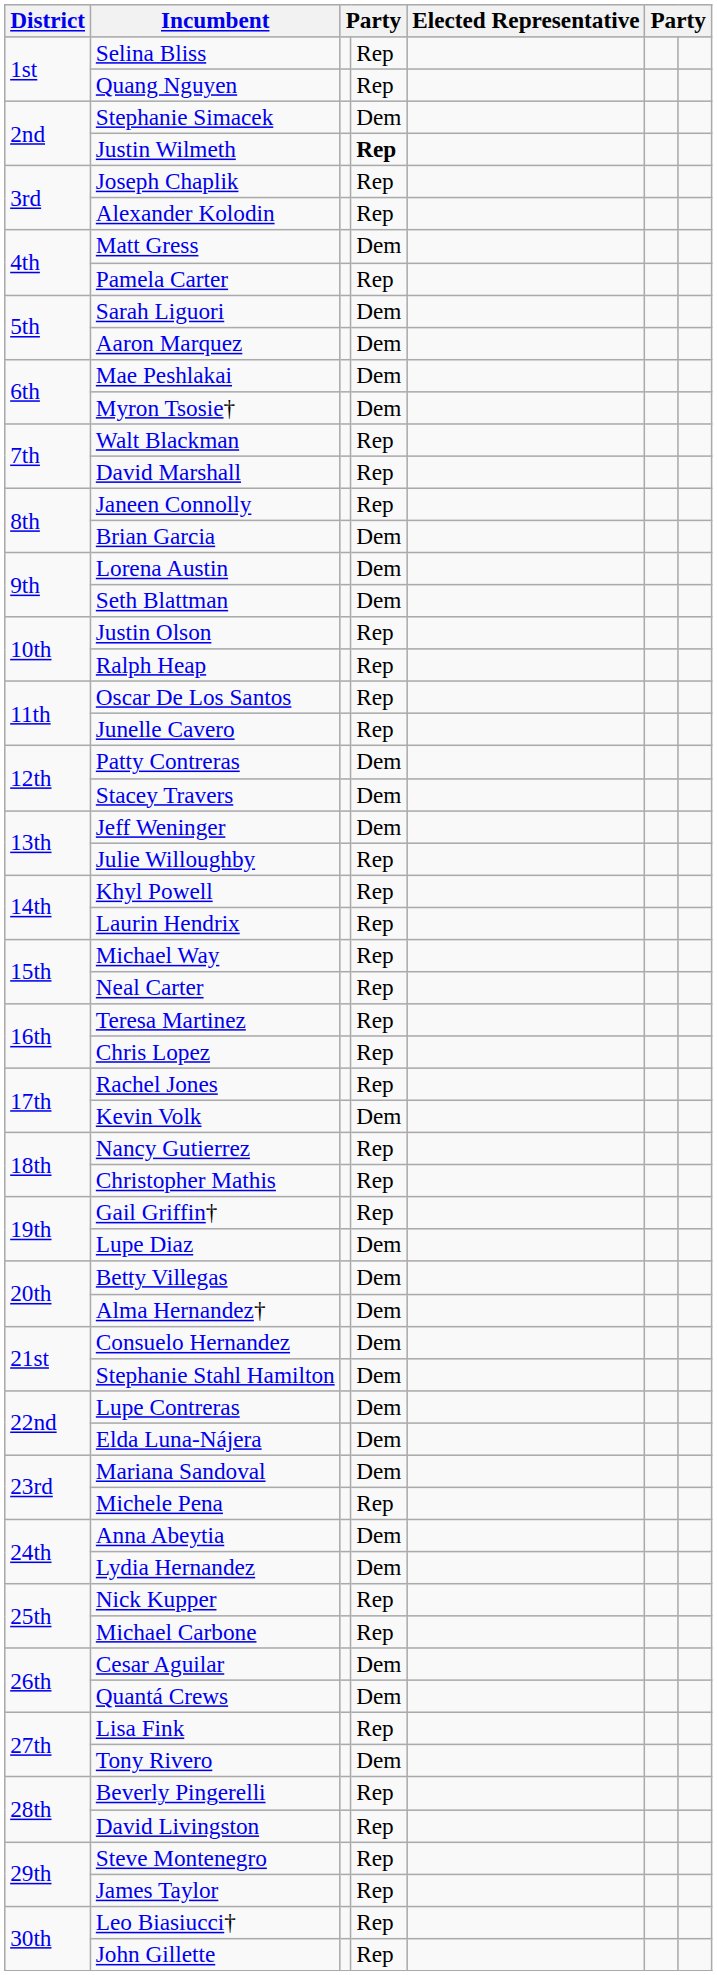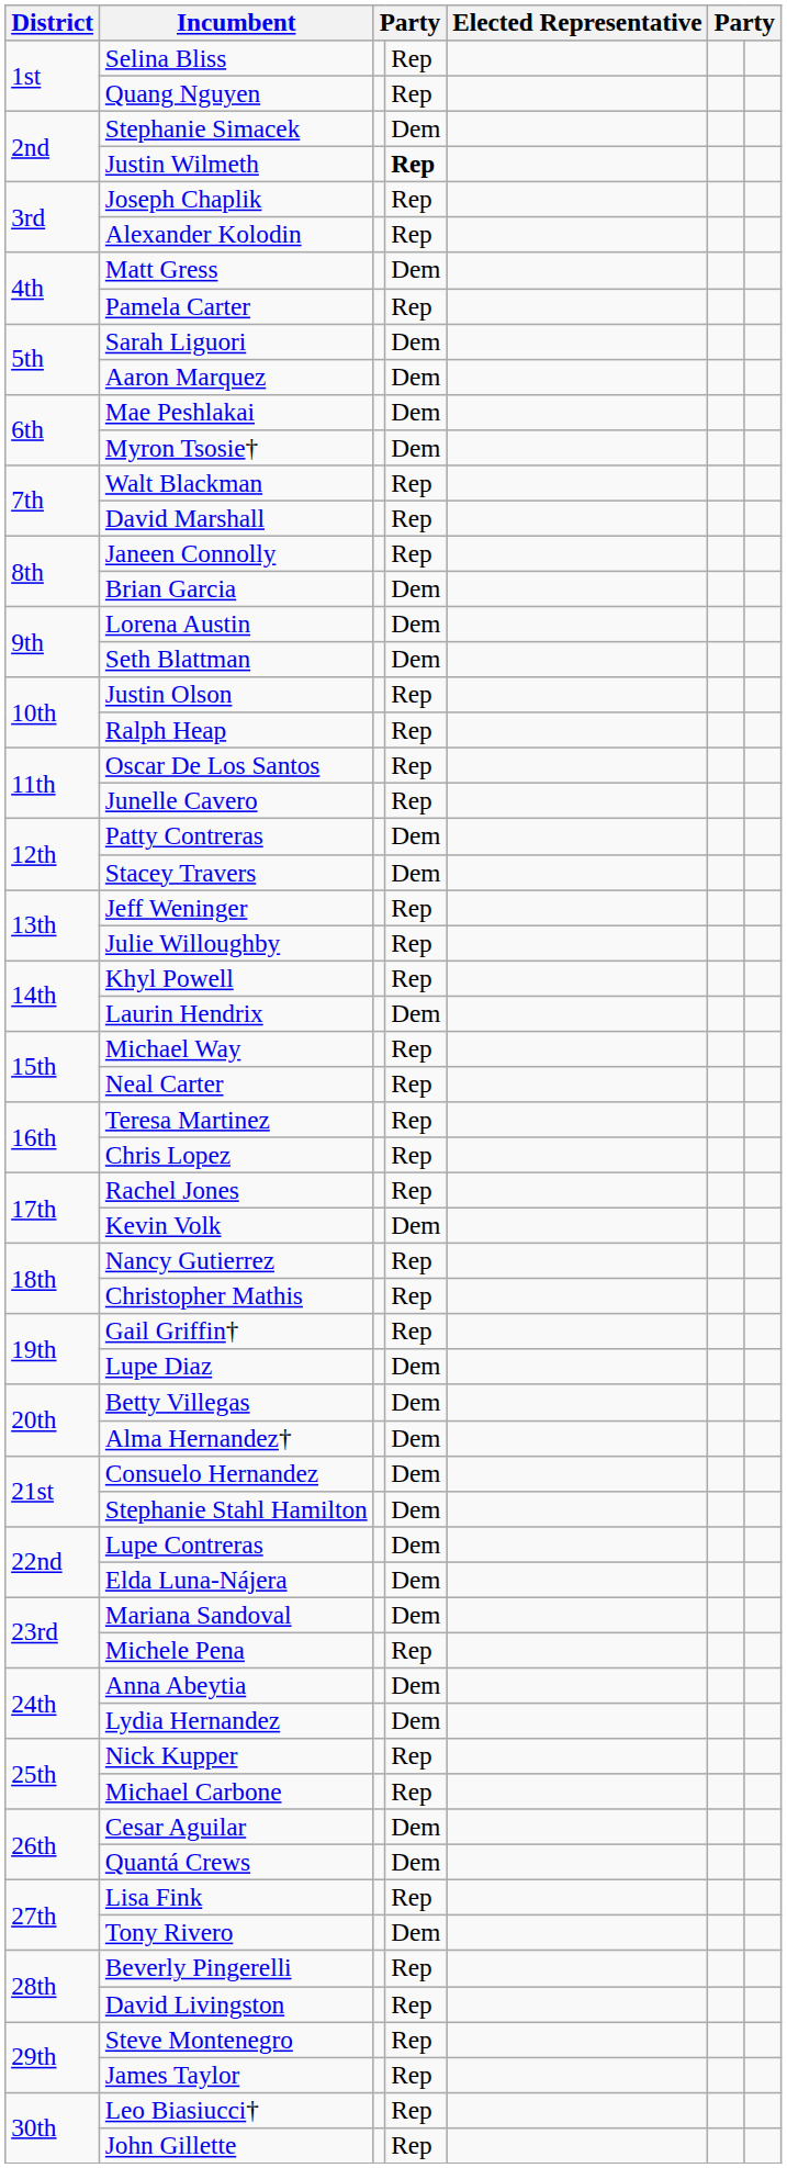 <table class="sortable wikitable" style="font-size:95%;line-height:14px;">
 <tr>
 <th><a href='#'>District</a></th>
 <th class="unsortable"><a href='#'>Incumbent</a></th>
 <th colspan="2">Party</th>
 <th class="unsortable">Elected Representative</th>
 <th colspan="2">Party</th>
 </tr>
 <tr>
 <td rowspan="2"><a href='#'>1st</a></td>
 <td><a href='#'>Selina Bliss</a></td>
 <td style="background:"></td>
 <td>Rep</td>
 <td></td>
 <td></td>
 <td></td>
 </tr>
 <tr>
 <td><a href='#'>Quang Nguyen</a></td>
 <td style="background:"></td>
 <td>Rep</td>
 <td></td>
 <td></td>
 <td></td>
 </tr>
 <tr>
 <td rowspan="2"><a href='#'>2nd</a></td>
 <td><a href='#'>Stephanie Simacek</a></td>
 <td style="background:"></td>
 <td>Dem</td>
 <td></td>
 <td></td>
 <td></td>
 </tr>
 <tr>
 <td><a href='#'>Justin Wilmeth</a></td>
 <td style="background:"></td>
 <td><strong>Rep</strong></td>
 <td></td>
 <td></td>
 <td></td>
 </tr>
 <tr>
 <td rowspan="2"><a href='#'>3rd</a></td>
 <td><a href='#'>Joseph Chaplik</a></td>
 <td style="background:"></td>
 <td>Rep</td>
 <td></td>
 <td></td>
 <td></td>
 </tr>
 <tr>
 <td><a href='#'>Alexander Kolodin</a></td>
 <td style="background:"></td>
 <td>Rep</td>
 <td></td>
 <td></td>
 <td></td>
 </tr>
 <tr>
 <td rowspan="2"><a href='#'>4th</a></td>
 <td><a href='#'>Matt Gress</a></td>
 <td style="background:"></td>
 <td>Dem</td>
 <td></td>
 <td></td>
 <td></td>
 </tr>
 <tr>
 <td><a href='#'>Pamela Carter</a></td>
 <td style="background:"></td>
 <td>Rep</td>
 <td></td>
 <td></td>
 <td></td>
 </tr>
 <tr>
 <td rowspan="2"><a href='#'>5th</a></td>
 <td><a href='#'>Sarah Liguori</a></td>
 <td style="background:"></td>
 <td>Dem</td>
 <td></td>
 <td></td>
 <td></td>
 </tr>
 <tr>
 <td><a href='#'>Aaron Marquez</a></td>
 <td style="background:"></td>
 <td>Dem</td>
 <td></td>
 <td></td>
 <td></td>
 </tr>
 <tr>
 <td rowspan="2"><a href='#'>6th</a></td>
 <td><a href='#'>Mae Peshlakai</a></td>
 <td style="background:"></td>
 <td>Dem</td>
 <td></td>
 <td></td>
 <td></td>
 </tr>
 <tr>
 <td><a href='#'>Myron Tsosie</a>†</td>
 <td style="background:"></td>
 <td>Dem</td>
 <td></td>
 <td></td>
 <td></td>
 </tr>
 <tr>
 <td rowspan="2"><a href='#'>7th</a></td>
 <td><a href='#'>Walt Blackman</a></td>
 <td style="background:"></td>
 <td>Rep</td>
 <td></td>
 <td></td>
 <td></td>
 </tr>
 <tr>
 <td><a href='#'>David Marshall</a></td>
 <td style="background:"></td>
 <td>Rep</td>
 <td></td>
 <td></td>
 <td></td>
 </tr>
 <tr>
 <td rowspan="2"><a href='#'>8th</a></td>
 <td><a href='#'>Janeen Connolly</a></td>
 <td style="background:"></td>
 <td>Rep</td>
 <td></td>
 <td></td>
 <td></td>
 </tr>
 <tr>
 <td><a href='#'>Brian Garcia</a></td>
 <td style="background:"></td>
 <td>Dem</td>
 <td></td>
 <td></td>
 <td></td>
 </tr>
 <tr>
 <td rowspan="2"><a href='#'>9th</a></td>
 <td><a href='#'>Lorena Austin</a></td>
 <td style="background:"></td>
 <td>Dem</td>
 <td></td>
 <td></td>
 <td></td>
 </tr>
 <tr>
 <td><a href='#'>Seth Blattman</a></td>
 <td style="background:"></td>
 <td>Dem</td>
 <td></td>
 <td></td>
 <td></td>
 </tr>
 <tr>
 <td rowspan="2"><a href='#'>10th</a></td>
 <td><a href='#'>Justin Olson</a></td>
 <td style="background:"></td>
 <td>Rep</td>
 <td></td>
 <td></td>
 <td></td>
 </tr>
 <tr>
 <td><a href='#'>Ralph Heap</a></td>
 <td style="background:"></td>
 <td>Rep</td>
 <td></td>
 <td></td>
 <td></td>
 </tr>
 <tr>
 <td rowspan="2"><a href='#'>11th</a></td>
 <td><a href='#'>Oscar De Los Santos</a></td>
 <td style="background:"></td>
 <td>Rep</td>
 <td></td>
 <td></td>
 <td></td>
 </tr>
 <tr>
 <td><a href='#'>Junelle Cavero</a></td>
 <td style="background:"></td>
 <td>Rep</td>
 <td></td>
 <td></td>
 <td></td>
 </tr>
 <tr>
 <td rowspan="2"><a href='#'>12th</a></td>
 <td><a href='#'>Patty Contreras</a></td>
 <td style="background:"></td>
 <td>Dem</td>
 <td></td>
 <td></td>
 <td></td>
 </tr>
 <tr>
 <td><a href='#'>Stacey Travers</a></td>
 <td style="background:"></td>
 <td>Dem</td>
 <td></td>
 <td></td>
 <td></td>
 </tr>
 <tr>
 <td rowspan="2"><a href='#'>13th</a></td>
 <td><a href='#'>Jeff Weninger</a></td>
 <td style="background:"></td>
-<td>Dem</td>
+<td>Rep</td>
 <td></td>
 <td></td>
 <td></td>
 </tr>
 <tr>
 <td><a href='#'>Julie Willoughby</a></td>
 <td style="background:"></td>
 <td>Rep</td>
 <td></td>
 <td></td>
 <td></td>
 </tr>
 <tr>
 <td rowspan="2"><a href='#'>14th</a></td>
 <td><a href='#'>Khyl Powell</a></td>
 <td style="background:"></td>
 <td>Rep</td>
 <td></td>
 <td></td>
 <td></td>
 </tr>
 <tr>
 <td><a href='#'>Laurin Hendrix</a></td>
 <td style="background:"></td>
-<td>Rep</td>
+<td>Dem</td>
 <td></td>
 <td></td>
 <td></td>
 </tr>
 <tr>
 <td rowspan="2"><a href='#'>15th</a></td>
 <td><a href='#'>Michael Way</a></td>
 <td style="background:"></td>
 <td>Rep</td>
 <td></td>
 <td></td>
 <td></td>
 </tr>
 <tr>
 <td><a href='#'>Neal Carter</a></td>
 <td style="background:"></td>
 <td>Rep</td>
 <td></td>
 <td></td>
 <td></td>
 </tr>
 <tr>
 <td rowspan="2"><a href='#'>16th</a></td>
 <td><a href='#'>Teresa Martinez</a></td>
 <td style="background:"></td>
 <td>Rep</td>
 <td></td>
 <td></td>
 <td></td>
 </tr>
 <tr>
 <td><a href='#'>Chris Lopez</a></td>
 <td style="background:"></td>
 <td>Rep</td>
 <td></td>
 <td></td>
 <td></td>
 </tr>
 <tr>
 <td rowspan="2"><a href='#'>17th</a></td>
 <td><a href='#'>Rachel Jones</a></td>
 <td style="background:"></td>
 <td>Rep</td>
 <td></td>
 <td></td>
 <td></td>
 </tr>
 <tr>
 <td><a href='#'>Kevin Volk</a></td>
 <td style="background:"></td>
 <td>Dem</td>
 <td></td>
 <td></td>
 <td></td>
 </tr>
 <tr>
 <td rowspan="2"><a href='#'>18th</a></td>
 <td><a href='#'>Nancy Gutierrez</a></td>
 <td style="background:"></td>
 <td>Rep</td>
 <td></td>
 <td></td>
 <td></td>
 </tr>
 <tr>
 <td><a href='#'>Christopher Mathis</a></td>
 <td style="background:"></td>
 <td>Rep</td>
 <td></td>
 <td></td>
 <td></td>
 </tr>
 <tr>
 <td rowspan="2"><a href='#'>19th</a></td>
 <td><a href='#'>Gail Griffin</a>†</td>
 <td style="background:"></td>
 <td>Rep</td>
 <td></td>
 <td></td>
 <td></td>
 </tr>
 <tr>
 <td><a href='#'>Lupe Diaz</a></td>
 <td style="background:"></td>
 <td>Dem</td>
 <td></td>
 <td></td>
 <td></td>
 </tr>
 <tr>
 <td rowspan="2"><a href='#'>20th</a></td>
 <td><a href='#'>Betty Villegas</a></td>
 <td style="background:"></td>
 <td>Dem</td>
 <td></td>
 <td></td>
 <td></td>
 </tr>
 <tr>
 <td><a href='#'>Alma Hernandez</a>†</td>
 <td style="background:"></td>
 <td>Dem</td>
 <td></td>
 <td></td>
 <td></td>
 </tr>
 <tr>
 <td rowspan="2"><a href='#'>21st</a></td>
 <td><a href='#'>Consuelo Hernandez</a></td>
 <td style="background:"></td>
 <td>Dem</td>
 <td></td>
 <td></td>
 <td></td>
 </tr>
 <tr>
 <td><a href='#'>Stephanie Stahl Hamilton</a></td>
 <td style="background:"></td>
 <td>Dem</td>
 <td></td>
 <td></td>
 <td></td>
 </tr>
 <tr>
 <td rowspan="2"><a href='#'>22nd</a></td>
 <td><a href='#'>Lupe Contreras</a></td>
 <td style="background:"></td>
 <td>Dem</td>
 <td></td>
 <td></td>
 <td></td>
 </tr>
 <tr>
 <td><a href='#'>Elda Luna-Nájera</a></td>
 <td style="background:"></td>
 <td>Dem</td>
 <td></td>
 <td></td>
 <td></td>
 </tr>
 <tr>
 <td rowspan="2"><a href='#'>23rd</a></td>
 <td><a href='#'>Mariana Sandoval</a></td>
 <td style="background:"></td>
 <td>Dem</td>
 <td></td>
 <td></td>
 <td></td>
 </tr>
 <tr>
 <td><a href='#'>Michele Pena</a></td>
 <td style="background:"></td>
 <td>Rep</td>
 <td></td>
 <td></td>
 <td></td>
 </tr>
 <tr>
 <td rowspan="2"><a href='#'>24th</a></td>
 <td><a href='#'>Anna Abeytia</a></td>
 <td style="background:"></td>
 <td>Dem</td>
 <td></td>
 <td></td>
 <td></td>
 </tr>
 <tr>
 <td><a href='#'>Lydia Hernandez</a></td>
 <td style="background:"></td>
 <td>Dem</td>
 <td></td>
 <td></td>
 <td></td>
 </tr>
 <tr>
 <td rowspan="2"><a href='#'>25th</a></td>
 <td><a href='#'>Nick Kupper</a></td>
 <td style="background:"></td>
 <td>Rep</td>
 <td></td>
 <td></td>
 <td></td>
 </tr>
 <tr>
 <td><a href='#'>Michael Carbone</a></td>
 <td style="background:"></td>
 <td>Rep</td>
 <td></td>
 <td></td>
 <td></td>
 </tr>
 <tr>
 <td rowspan="2"><a href='#'>26th</a></td>
 <td><a href='#'>Cesar Aguilar</a></td>
 <td style="background:"></td>
 <td>Dem</td>
 <td></td>
 <td></td>
 <td></td>
 </tr>
 <tr>
 <td><a href='#'>Quantá Crews</a></td>
 <td style="background:"></td>
 <td>Dem</td>
 <td></td>
 <td></td>
 <td></td>
 </tr>
 <tr>
 <td rowspan="2"><a href='#'>27th</a></td>
 <td><a href='#'>Lisa Fink</a></td>
 <td style="background:"></td>
 <td>Rep</td>
 <td></td>
 <td></td>
 <td></td>
 </tr>
 <tr>
 <td><a href='#'>Tony Rivero</a></td>
 <td style="background:"></td>
 <td>Dem</td>
 <td></td>
 <td></td>
 <td></td>
 </tr>
 <tr>
 <td rowspan="2"><a href='#'>28th</a></td>
 <td><a href='#'>Beverly Pingerelli</a></td>
 <td style="background:"></td>
 <td>Rep</td>
 <td></td>
 <td></td>
 <td></td>
 </tr>
 <tr>
 <td><a href='#'>David Livingston</a></td>
 <td style="background:"></td>
 <td>Rep</td>
 <td></td>
 <td></td>
 <td></td>
 </tr>
 <tr>
 <td rowspan="2"><a href='#'>29th</a></td>
 <td><a href='#'>Steve Montenegro</a></td>
 <td style="background:"></td>
 <td>Rep</td>
 <td></td>
 <td></td>
 <td></td>
 </tr>
 <tr>
 <td><a href='#'>James Taylor</a></td>
 <td style="background:"></td>
 <td>Rep</td>
 <td></td>
 <td></td>
 <td></td>
 </tr>
 <tr>
 <td rowspan="2"><a href='#'>30th</a></td>
 <td><a href='#'>Leo Biasiucci</a>†</td>
 <td style="background:"></td>
 <td>Rep</td>
 <td></td>
 <td></td>
 <td></td>
 </tr>
 <tr>
 <td><a href='#'>John Gillette</a></td>
 <td style="background:"></td>
 <td>Rep</td>
 <td></td>
 <td></td>
 <td></td>
 </tr>
 <tr>
 </tr>
 </table>
